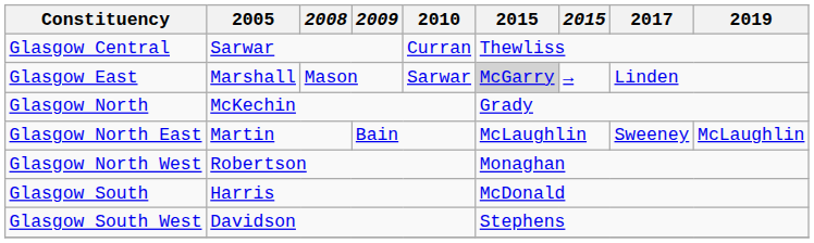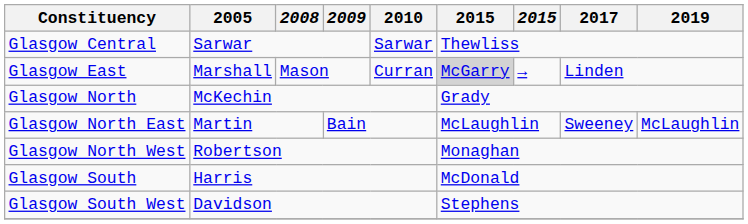 <table class="wikitable">
 <tr>
 <th>Constituency</th>
 <th>2005</th>
 <th><em>2008</em></th>
 <th><em>2009</em></th>
 <th>2010</th>
 <th>2015</th>
 <th><em>2015</em></th>
 <th>2017</th>
 <th>2019</th>
 </tr>
 <tr>
 <td><a href='#'>Glasgow Central</a></td>
 <td colspan="3"><a href='#'>Sarwar</a></td>
-<td><a href='#'>Curran</a></td>
+<td><a href='#'>Sarwar</a></td>
 <td colspan="4"><a href='#'>Thewliss</a></td>
 </tr>
 <tr>
 <td><a href='#'>Glasgow East</a></td>
 <td><a href='#'>Marshall</a></td>
 <td colspan="2"><a href='#'>Mason</a></td>
-<td><a href='#'>Sarwar</a></td>
+<td><a href='#'>Curran</a></td>
 <td style="background: lightgrey;"><a href='#'>McGarry</a></td>
 <td><a href='#'>→</a></td>
 <td colspan="2"><a href='#'>Linden</a></td>
 </tr>
 <tr>
 <td><a href='#'>Glasgow North</a></td>
 <td colspan="4"><a href='#'>McKechin</a></td>
 <td colspan="4"><a href='#'>Grady</a></td>
 </tr>
 <tr>
 <td><a href='#'>Glasgow North East</a></td>
 <td colspan="2"><a href='#'>Martin</a></td>
 <td colspan="2"><a href='#'>Bain</a></td>
 <td colspan="2"><a href='#'>McLaughlin</a></td>
 <td><a href='#'>Sweeney</a></td>
 <td><a href='#'>McLaughlin</a></td>
 </tr>
 <tr>
 <td><a href='#'>Glasgow North West</a></td>
 <td colspan="4"><a href='#'>Robertson</a></td>
 <td colspan="4"><a href='#'>Monaghan</a></td>
 </tr>
 <tr>
 <td><a href='#'>Glasgow South</a></td>
 <td colspan="4"><a href='#'>Harris</a></td>
 <td colspan="4"><a href='#'>McDonald</a></td>
 </tr>
 <tr>
 <td><a href='#'>Glasgow South West</a></td>
 <td colspan="4"><a href='#'>Davidson</a></td>
 <td colspan="4"><a href='#'>Stephens</a></td>
 </tr>
 <tr>
 </tr>
 </table>
